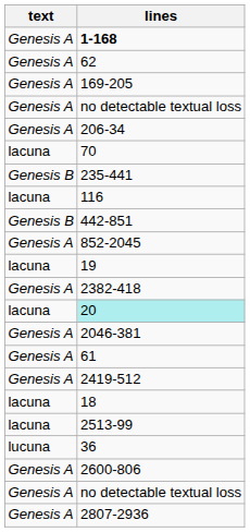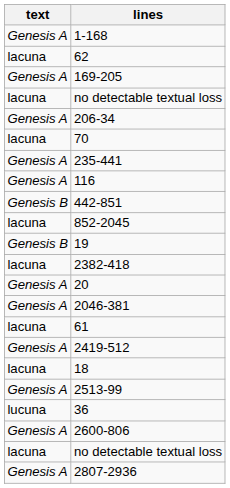 <table class="wikitable">
 <tr>
 <th>text</th>
 <th>lines</th>
 </tr>
 <tr>
 <td><em>Genesis A</em></td>
-<td><strong>1-168</strong></td>
+<td>1-168</td>
 </tr>
 <tr>
-<td><em>Genesis A</em></td>
+<td>lacuna</td>
 <td>62</td>
 </tr>
 <tr>
 <td><em>Genesis A</em></td>
 <td>169-205</td>
 </tr>
 <tr>
-<td><em>Genesis A</em></td>
+<td>lacuna</td>
 <td>no detectable textual loss</td>
 </tr>
 <tr>
 <td><em>Genesis A</em></td>
 <td>206-34</td>
 </tr>
 <tr>
 <td>lacuna</td>
 <td>70</td>
 </tr>
 <tr>
-<td><em>Genesis B</em></td>
+<td><em>Genesis A</em></td>
 <td>235-441</td>
 </tr>
 <tr>
-<td>lacuna</td>
+<td><em>Genesis A</em></td>
 <td>116</td>
 </tr>
 <tr>
 <td><em>Genesis B</em></td>
 <td>442-851</td>
 </tr>
 <tr>
-<td><em>Genesis A</em></td>
+<td>lacuna</td>
 <td>852-2045</td>
 </tr>
 <tr>
-<td>lacuna</td>
+<td><em>Genesis B</em></td>
 <td>19</td>
 </tr>
 <tr>
-<td><em>Genesis A</em></td>
+<td>lacuna</td>
 <td>2382-418</td>
 </tr>
 <tr>
-<td>lacuna</td>
-<td style="background: paleturquoise;">20</td>
+<td><em>Genesis A</em></td>
+<td>20</td>
 </tr>
 <tr>
 <td><em>Genesis A</em></td>
 <td>2046-381</td>
 </tr>
 <tr>
-<td><em>Genesis A</em></td>
+<td>lacuna</td>
 <td>61</td>
 </tr>
 <tr>
 <td><em>Genesis A</em></td>
 <td>2419-512</td>
 </tr>
 <tr>
 <td>lacuna</td>
 <td>18</td>
 </tr>
 <tr>
-<td>lacuna</td>
+<td><em>Genesis A</em></td>
 <td>2513-99</td>
 </tr>
 <tr>
 <td>lucuna</td>
 <td>36</td>
 </tr>
 <tr>
 <td><em>Genesis A</em></td>
 <td>2600-806</td>
 </tr>
 <tr>
-<td><em>Genesis A</em></td>
+<td>lacuna</td>
 <td>no detectable textual loss</td>
 </tr>
 <tr>
 <td><em>Genesis A</em></td>
 <td>2807-2936</td>
 </tr>
 </table>
